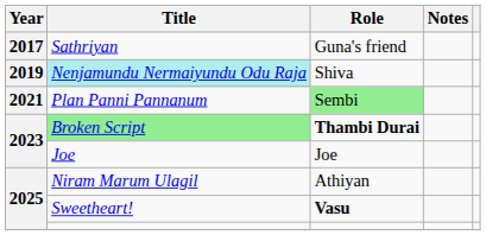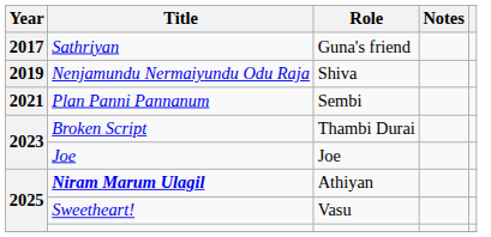 <table class="wikitable plainrowheaders sortable">
 <tr>
 <th>Year</th>
 <th>Title</th>
 <th>Role</th>
 <th>Notes</th>
 <th class="unsortable"></th>
 </tr>
 <tr>
 <th scope="row">2017</th>
 <td><em><a href='#'>Sathriyan</a></em></td>
 <td>Guna's friend</td>
 <td></td>
 <td></td>
 </tr>
 <tr>
 <th scope="row">2019</th>
-<td style="background: paleturquoise;"><em><a href='#'>Nenjamundu Nermaiyundu Odu Raja</a></em></td>
+<td><em><a href='#'>Nenjamundu Nermaiyundu Odu Raja</a></em></td>
 <td>Shiva</td>
 <td></td>
 <td></td>
 </tr>
 <tr>
 <th scope="row">2021</th>
 <td><em><a href='#'>Plan Panni Pannanum</a></em></td>
-<td style="background: lightgreen;">Sembi</td>
+<td>Sembi</td>
 <td></td>
 <td></td>
 </tr>
 <tr>
 <th rowspan="2" scope="row">2023</th>
-<td style="background: lightgreen;"><em><a href='#'>Broken Script</a></em></td>
-<td><strong>Thambi Durai</strong></td>
+<td><em><a href='#'>Broken Script</a></em></td>
+<td>Thambi Durai</td>
 <td></td>
 <td></td>
 </tr>
 <tr>
 <td><em><a href='#'>Joe</a></em></td>
 <td>Joe</td>
 <td></td>
 <td></td>
 </tr>
 <tr>
 <th rowspan="3" scope="row">2025</th>
-<td><em><a href='#'>Niram Marum Ulagil</a></em></td>
+<td><strong><em><a href='#'>Niram Marum Ulagil</a></em></strong></td>
 <td>Athiyan</td>
 <td></td>
 <td></td>
 </tr>
 <tr>
 <td><em><a href='#'>Sweetheart!</a></em></td>
-<td><strong>Vasu</strong></td>
+<td>Vasu</td>
 <td></td>
 <td></td>
 </tr>
 <tr>
 <td></td>
 <td></td>
 <td></td>
 <td></td>
 </tr>
 <tr>
 </tr>
 </table>
